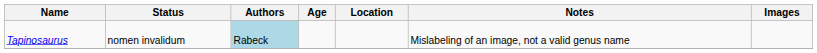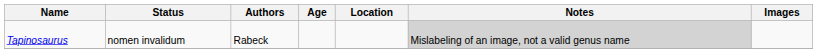 <table class="wikitable sortable" align="center" width="100%">
 <tr>
 <th>Name</th>
 <th>Status</th>
 <th>Authors</th>
 <th>Age</th>
 <th>Location</th>
 <th>Notes</th>
 <th>Images</th>
 </tr>
 <tr>
 <td><br><em><a href='#'>Tapinosaurus</a></em></td>
 <td><br>nomen invalidum</td>
-<td style="background: lightblue;"><br>Rabeck</td>
+<td><br>Rabeck</td>
 <td></td>
 <td></td>
-<td><br>Mislabeling of an image, not a valid genus name</td>
+<td style="background: lightgrey;"><br>Mislabeling of an image, not a valid genus name</td>
 <td></td>
 </tr>
 <tr>
 </tr>
 </table>
